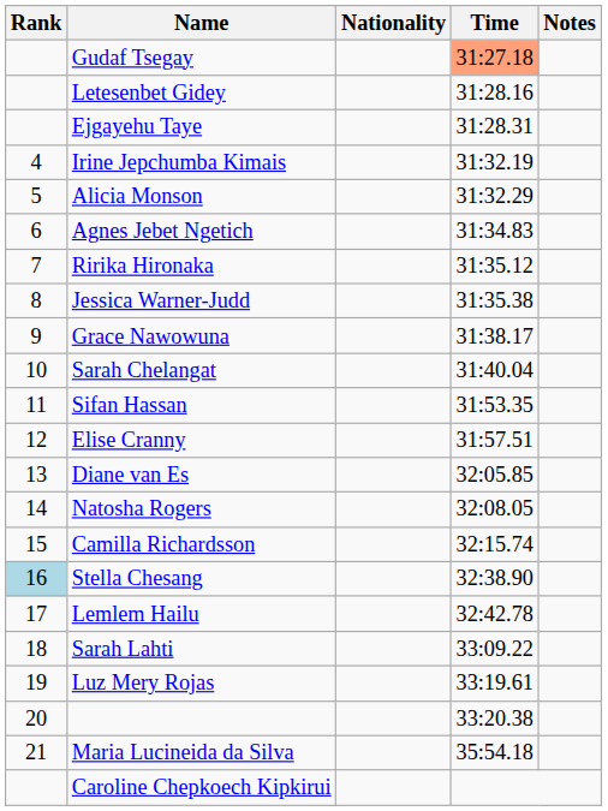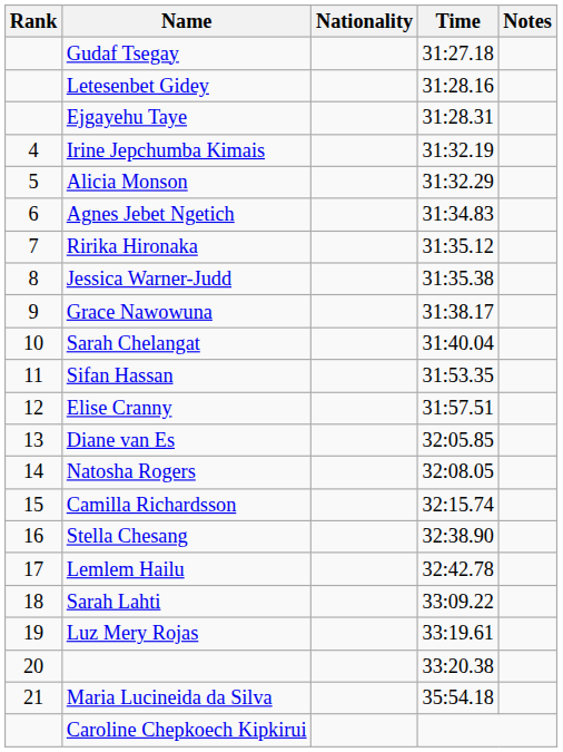 <table class="wikitable sortable" style="text-align:center">
 <tr>
 <th>Rank</th>
 <th>Name</th>
 <th>Nationality</th>
 <th>Time</th>
 <th>Notes</th>
 </tr>
 <tr>
 <td></td>
 <td align=left><a href='#'>Gudaf Tsegay</a></td>
 <td align=left></td>
-<td style="background: lightsalmon;">31:27.18</td>
+<td>31:27.18</td>
 <td></td>
 </tr>
 <tr>
 <td></td>
 <td align=left><a href='#'>Letesenbet Gidey</a></td>
 <td align=left></td>
 <td>31:28.16</td>
 <td></td>
 </tr>
 <tr>
 <td></td>
 <td align=left><a href='#'>Ejgayehu Taye</a></td>
 <td align=left></td>
 <td>31:28.31</td>
 <td></td>
 </tr>
 <tr>
 <td>4</td>
 <td align=left><a href='#'>Irine Jepchumba Kimais</a></td>
 <td align=left></td>
 <td>31:32.19</td>
 <td></td>
 </tr>
 <tr>
 <td>5</td>
 <td align=left><a href='#'>Alicia Monson</a></td>
 <td align=left></td>
 <td>31:32.29</td>
 <td></td>
 </tr>
 <tr>
 <td>6</td>
 <td align=left><a href='#'>Agnes Jebet Ngetich</a></td>
 <td align=left></td>
 <td>31:34.83</td>
 <td></td>
 </tr>
 <tr>
 <td>7</td>
 <td align=left><a href='#'>Ririka Hironaka</a></td>
 <td align=left></td>
 <td>31:35.12</td>
 <td></td>
 </tr>
 <tr>
 <td>8</td>
 <td align=left><a href='#'>Jessica Warner-Judd</a></td>
 <td align=left></td>
 <td>31:35.38</td>
 <td></td>
 </tr>
 <tr>
 <td>9</td>
 <td align=left><a href='#'>Grace Nawowuna</a></td>
 <td align=left></td>
 <td>31:38.17</td>
 <td></td>
 </tr>
 <tr>
 <td>10</td>
 <td align=left><a href='#'>Sarah Chelangat</a></td>
 <td align=left></td>
 <td>31:40.04</td>
 <td></td>
 </tr>
 <tr>
 <td>11</td>
 <td align=left><a href='#'>Sifan Hassan</a></td>
 <td align=left></td>
 <td>31:53.35</td>
 <td></td>
 </tr>
 <tr>
 <td>12</td>
 <td align=left><a href='#'>Elise Cranny</a></td>
 <td align=left></td>
 <td>31:57.51</td>
 <td></td>
 </tr>
 <tr>
 <td>13</td>
 <td align=left><a href='#'>Diane van Es</a></td>
 <td align=left></td>
 <td>32:05.85</td>
 <td></td>
 </tr>
 <tr>
 <td>14</td>
 <td align=left><a href='#'>Natosha Rogers</a></td>
 <td align=left></td>
 <td>32:08.05</td>
 <td></td>
 </tr>
 <tr>
 <td>15</td>
 <td align=left><a href='#'>Camilla Richardsson</a></td>
 <td align=left></td>
 <td>32:15.74</td>
 <td></td>
 </tr>
 <tr>
-<td style="background: lightblue;">16</td>
+<td>16</td>
 <td align=left><a href='#'>Stella Chesang</a></td>
 <td align=left></td>
 <td>32:38.90</td>
 <td></td>
 </tr>
 <tr>
 <td>17</td>
 <td align=left><a href='#'>Lemlem Hailu</a></td>
 <td align=left></td>
 <td>32:42.78</td>
 <td></td>
 </tr>
 <tr>
 <td>18</td>
 <td align=left><a href='#'>Sarah Lahti</a></td>
 <td align=left></td>
 <td>33:09.22</td>
 <td></td>
 </tr>
 <tr>
 <td>19</td>
 <td align=left><a href='#'>Luz Mery Rojas</a></td>
 <td align=left></td>
 <td>33:19.61</td>
 <td></td>
 </tr>
 <tr>
 <td>20</td>
 <td align=left></td>
 <td align=left></td>
 <td>33:20.38</td>
 <td></td>
 </tr>
 <tr>
 <td>21</td>
 <td align=left><a href='#'>Maria Lucineida da Silva</a></td>
 <td align=left></td>
 <td>35:54.18</td>
 <td></td>
 </tr>
 <tr>
 <td></td>
 <td align=left><a href='#'>Caroline Chepkoech Kipkirui</a></td>
 <td align=left></td>
 <td colspan=2></td>
 </tr>
 </table>
